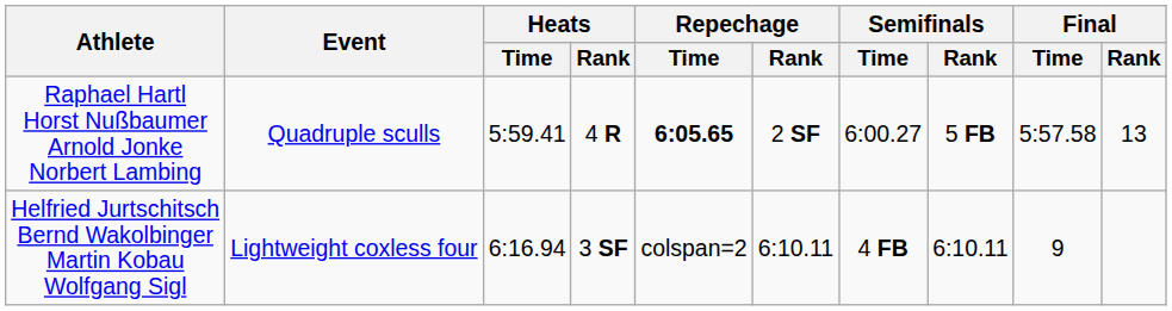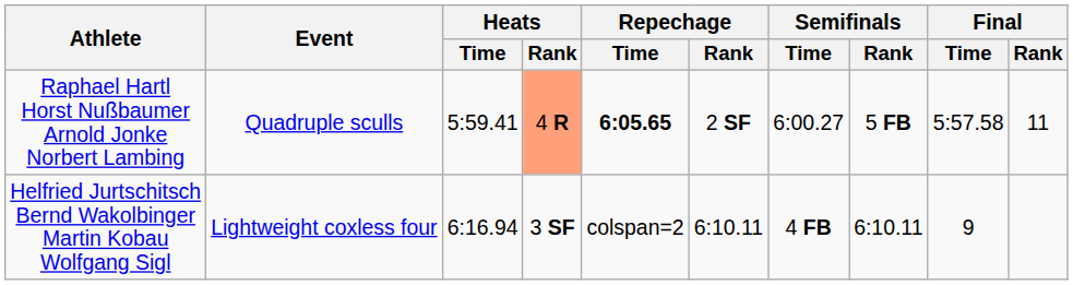 <table class="wikitable" style="font-size:90%;">
 <tr>
 <th rowspan="2">Athlete</th>
 <th rowspan="2">Event</th>
 <th colspan="2">Heats</th>
 <th colspan="2">Repechage</th>
 <th colspan="2">Semifinals</th>
 <th colspan="2">Final</th>
 </tr>
 <tr style="font-size:95%">
 <th>Time</th>
 <th>Rank</th>
 <th>Time</th>
 <th>Rank</th>
 <th>Time</th>
 <th>Rank</th>
 <th>Time</th>
 <th>Rank</th>
 </tr>
 <tr align=center>
 <td><a href='#'>Raphael Hartl</a><br><a href='#'>Horst Nußbaumer</a><br><a href='#'>Arnold Jonke</a><br><a href='#'>Norbert Lambing</a></td>
 <td><a href='#'>Quadruple sculls</a></td>
 <td>5:59.41</td>
-<td>4 <strong>R</strong></td>
+<td style="background: lightsalmon;">4 <strong>R</strong></td>
 <td><strong>6:05.65</strong></td>
 <td>2 <strong>SF</strong></td>
 <td>6:00.27</td>
 <td>5 <strong>FB</strong></td>
 <td>5:57.58</td>
-<td>13</td>
+<td>11</td>
 </tr>
 <tr align=center>
 <td><a href='#'>Helfried Jurtschitsch</a><br><a href='#'>Bernd Wakolbinger</a><br><a href='#'>Martin Kobau</a><br><a href='#'>Wolfgang Sigl</a></td>
 <td><a href='#'>Lightweight coxless four</a></td>
 <td>6:16.94</td>
 <td>3 <strong>SF</strong></td>
 <td>colspan=2 </td>
 <td>6:10.11</td>
 <td>4  <strong>FB</strong></td>
 <td>6:10.11</td>
 <td>9</td>
 </tr>
 </table>
